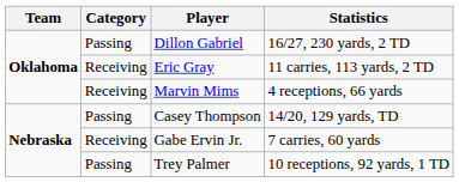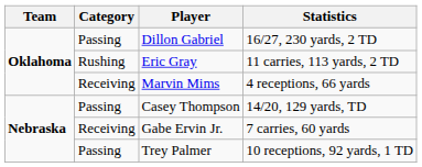 <table class="wikitable" style="float: right;">
 <tr>
 <th>Team</th>
 <th>Category</th>
 <th>Player</th>
 <th>Statistics</th>
 </tr>
 <tr>
 <td rowspan=3><strong>Oklahoma</strong></td>
 <td>Passing</td>
 <td><a href='#'>Dillon Gabriel</a></td>
 <td>16/27, 230 yards, 2 TD</td>
 </tr>
 <tr>
-<td>Receiving</td>
+<td>Rushing</td>
 <td><a href='#'>Eric Gray</a></td>
 <td>11 carries, 113 yards, 2 TD</td>
 </tr>
 <tr>
 <td>Receiving</td>
 <td><a href='#'>Marvin Mims</a></td>
 <td>4 receptions, 66 yards</td>
 </tr>
 <tr>
 <td rowspan=3><strong>Nebraska</strong></td>
 <td>Passing</td>
 <td>Casey Thompson</td>
 <td>14/20, 129 yards, TD</td>
 </tr>
 <tr>
 <td>Receiving</td>
 <td>Gabe Ervin Jr.</td>
 <td>7 carries, 60 yards</td>
 </tr>
 <tr>
 <td>Passing</td>
 <td>Trey Palmer</td>
 <td>10 receptions, 92 yards, 1 TD</td>
 </tr>
 </table>
